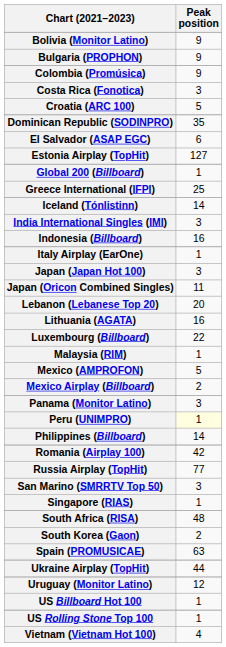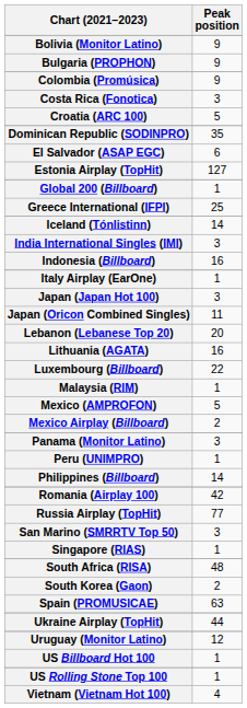 <table class="wikitable sortable plainrowheaders" style="text-align:center">
 <tr>
 <th scope="col">Chart (2021–2023)</th>
 <th scope="col">Peak<br>position</th>
 </tr>
 <tr>
 </tr>
 <tr>
 </tr>
 <tr>
 </tr>
 <tr>
 </tr>
 <tr>
 </tr>
 <tr>
 <th scope="row">Bolivia (<a href='#'>Monitor Latino</a>)</th>
 <td>9</td>
 </tr>
 <tr>
 <th scope="row">Bulgaria (<a href='#'>PROPHON</a>)</th>
 <td>9</td>
 </tr>
 <tr>
 </tr>
 <tr>
 </tr>
 <tr>
 </tr>
 <tr>
 <th scope="row">Colombia (<a href='#'>Promúsica</a>)</th>
 <td>9</td>
 </tr>
 <tr>
 <th scope="row">Costa Rica (<a href='#'>Fonotica</a>)</th>
 <td>3</td>
 </tr>
 <tr>
 <th scope="row">Croatia (<a href='#'>ARC 100</a>)</th>
 <td>5</td>
 </tr>
 <tr>
 </tr>
 <tr>
 </tr>
 <tr>
 </tr>
 <tr>
 <th scope="row">Dominican Republic (<a href='#'>SODINPRO</a>)</th>
 <td>35</td>
 </tr>
 <tr>
 <th scope="row">El Salvador (<a href='#'>ASAP EGC</a>)</th>
 <td>6</td>
 </tr>
 <tr>
 <th scope="row">Estonia Airplay (<a href='#'>TopHit</a>)</th>
 <td>127</td>
 </tr>
 <tr>
 </tr>
 <tr>
 </tr>
 <tr>
 </tr>
 <tr>
 </tr>
 <tr>
 <th scope="row"><a href='#'>Global 200</a> (<em><a href='#'>Billboard</a></em>)</th>
 <td>1</td>
 </tr>
 <tr>
 <th scope="row">Greece International (<a href='#'>IFPI</a>)</th>
 <td>25</td>
 </tr>
 <tr>
 </tr>
 <tr>
 </tr>
 <tr>
 <th scope="row">Iceland (<a href='#'>Tónlistinn</a>)</th>
 <td>14</td>
 </tr>
 <tr>
 <th scope="row"><a href='#'>India International Singles</a> (<a href='#'>IMI</a>)</th>
 <td>3</td>
 </tr>
 <tr>
 <th scope="row">Indonesia (<em><a href='#'>Billboard</a></em>)</th>
 <td>16</td>
 </tr>
 <tr>
 </tr>
 <tr>
 </tr>
 <tr>
 <th scope="row">Italy Airplay (EarOne)</th>
 <td>1</td>
 </tr>
 <tr>
 <th scope="row">Japan (<a href='#'>Japan Hot 100</a>)</th>
 <td>3</td>
 </tr>
 <tr>
 <th scope="row">Japan (<a href='#'>Oricon</a> Combined Singles)</th>
 <td>11</td>
 </tr>
 <tr>
 <th scope="row">Lebanon (<a href='#'>Lebanese Top 20</a>)</th>
 <td>20</td>
 </tr>
 <tr>
 <th scope="row">Lithuania (<a href='#'>AGATA</a>)</th>
 <td>16</td>
 </tr>
 <tr>
 <th scope="row">Luxembourg (<em><a href='#'>Billboard</a></em>)</th>
 <td>22</td>
 </tr>
 <tr>
 <th scope="row">Malaysia (<a href='#'>RIM</a>)</th>
 <td>1</td>
 </tr>
 <tr>
 <th scope="row">Mexico (<a href='#'>AMPROFON</a>)</th>
 <td>5</td>
 </tr>
 <tr>
 <th scope="row"><a href='#'>Mexico Airplay</a> (<a href='#'><em>Billboard</em></a>)</th>
 <td>2</td>
 </tr>
 <tr>
 </tr>
 <tr>
 </tr>
 <tr>
 </tr>
 <tr>
 </tr>
 <tr>
 <th scope="row">Panama (<a href='#'>Monitor Latino</a>)</th>
 <td>3</td>
 </tr>
 <tr>
 <th scope="row">Peru (<a href='#'>UNIMPRO</a>)</th>
-<td style="background: lightyellow;">1</td>
+<td>1</td>
 </tr>
 <tr>
 <th scope="row">Philippines (<em><a href='#'>Billboard</a></em>)</th>
 <td>14</td>
 </tr>
 <tr>
 </tr>
 <tr>
 </tr>
 <tr>
 <th scope="row">Romania (<a href='#'>Airplay 100</a>)</th>
 <td>42</td>
 </tr>
 <tr>
 <th scope="row">Russia Airplay (<a href='#'>TopHit</a>)</th>
 <td>77</td>
 </tr>
 <tr>
 <th scope="row">San Marino (<a href='#'>SMRRTV Top 50</a>)</th>
 <td>3</td>
 </tr>
 <tr>
 <th scope="row">Singapore (<a href='#'>RIAS</a>)</th>
 <td>1</td>
 </tr>
 <tr>
 </tr>
 <tr>
 </tr>
 <tr>
 <th scope="row">South Africa (<a href='#'>RISA</a>)</th>
 <td>48</td>
 </tr>
 <tr>
 <th scope="row">South Korea (<a href='#'>Gaon</a>)</th>
 <td>2</td>
 </tr>
 <tr>
 <th scope="row">Spain (<a href='#'>PROMUSICAE</a>)</th>
 <td>63</td>
 </tr>
 <tr>
 </tr>
 <tr>
 </tr>
 <tr>
 <th scope="row">Ukraine Airplay (<a href='#'>TopHit</a>)</th>
 <td>44</td>
 </tr>
 <tr>
 </tr>
 <tr>
 <th scope="row">Uruguay (<a href='#'>Monitor Latino</a>)</th>
 <td>12</td>
 </tr>
 <tr>
 <th scope="row">US <a href='#'><em>Billboard</em> Hot 100</a></th>
 <td>1</td>
 </tr>
 <tr>
 </tr>
 <tr>
 </tr>
 <tr>
 </tr>
 <tr>
 </tr>
 <tr>
 </tr>
 <tr>
 <th scope="row">US <a href='#'><em>Rolling Stone</em> Top 100</a></th>
 <td>1</td>
 </tr>
 <tr>
 <th scope="row">Vietnam (<a href='#'>Vietnam Hot 100</a>)</th>
 <td>4</td>
 </tr>
 </table>
